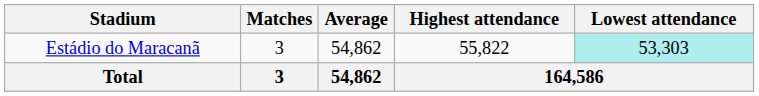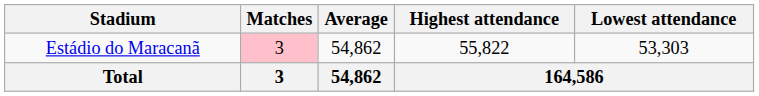 <table class="wikitable plainrowheaders sortable" style="text-align:center">
 <tr>
 <th scope="col" style="width:200px;" !>Stadium</th>
 <th scope="col" style="width:60px;" !>Matches</th>
 <th scope="col" style="width:60px;" !>Average</th>
 <th scope="col" style="width:150px;" !>Highest attendance</th>
 <th scope="col" style="width:150px;" !>Lowest attendance</th>
 </tr>
 <tr>
 <td><a href='#'>Estádio do Maracanã</a></td>
-<td>3</td>
+<td style="background: pink;">3</td>
 <td>54,862</td>
 <td>55,822</td>
-<td style="background: paleturquoise;">53,303</td>
+<td>53,303</td>
 </tr>
 <tr>
 <th>Total</th>
 <th>3</th>
 <th>54,862</th>
 <th colspan="3">164,586</th>
 </tr>
 </table>
